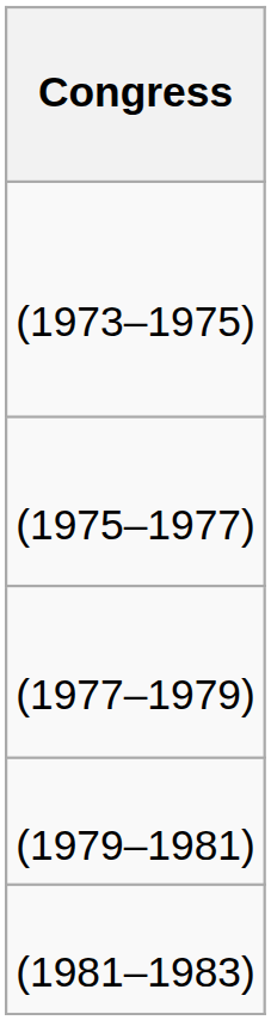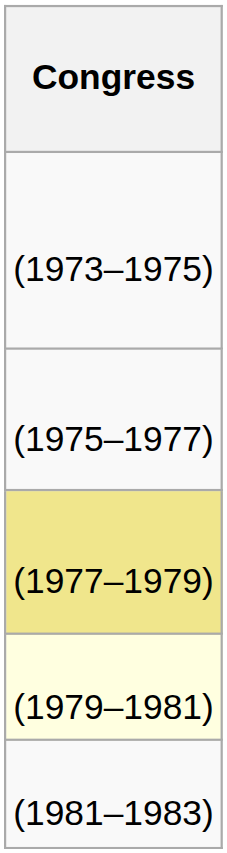 <table class="wikitable" style="float:left; margin:0; margin-right:-0.5px; margin-top:14px; text-align:center;">
 <tr style="white-space:nowrap; height:4.1em;">
 <th>Congress</th>
 </tr>
 <tr style="white-space:nowrap; height:5.58em;">
 <td><strong></strong><br>(1973–1975)</td>
 </tr>
 <tr style="white-space:nowrap; height:4.04em">
 <td><strong></strong><br>(1975–1977)</td>
 </tr>
 <tr style="white-space:nowrap; height:4.04em">
-<td><strong></strong><br>(1977–1979)</td>
+<td style="background: khaki;"><strong></strong><br>(1977–1979)</td>
 </tr>
 <tr style="white-space:nowrap; height:3.02em">
-<td><strong></strong><br>(1979–1981)</td>
+<td style="background: lightyellow;"><strong></strong><br>(1979–1981)</td>
 </tr>
 <tr style="white-space:nowrap; height:3.02em">
 <td><strong></strong><br>(1981–1983)</td>
 </tr>
 </table>
